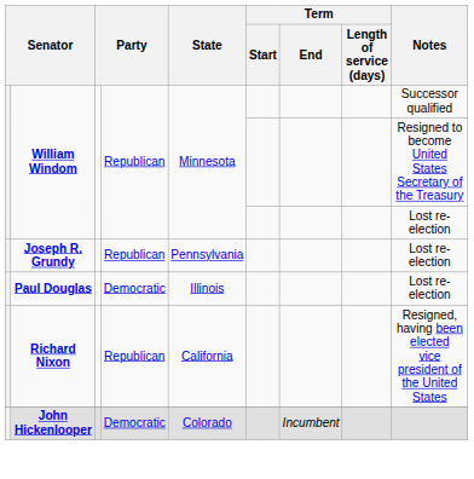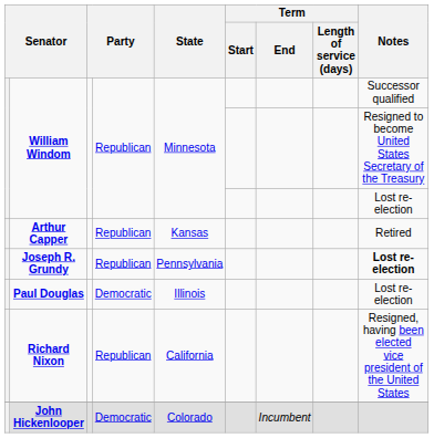 <table class="wikitable sortable" style="text-align:center">
 <tr>
 <th scope="col" rowspan=2 colspan=2>Senator</th>
 <th scope="col" rowspan=2 colspan=2>Party</th>
 <th scope="col" rowspan=2>State</th>
 <th scope="col" colspan=3>Term</th>
 <th scope="col" rowspan=2>Notes</th>
 </tr>
 <tr>
 <th scope="col">Start</th>
 <th scope="col">End</th>
 <th scope="col">Length of<br>service (days)</th>
 </tr>
 <tr>
 <th scope="row" rowspan=3 data-sort-value="Windom, William"></th>
 <td rowspan=3><strong><a href='#'>William Windom</a></strong></td>
 <td rowspan=3 style="background-color:"></td>
 <td rowspan=3><a href='#'>Republican</a></td>
 <td rowspan=3><a href='#'>Minnesota</a></td>
 <td></td>
 <td></td>
 <td></td>
 <td>Successor qualified</td>
 </tr>
 <tr>
 <td></td>
 <td></td>
 <td></td>
 <td>Resigned to become <a href='#'>United States Secretary of the Treasury</a></td>
 </tr>
 <tr>
 <td></td>
 <td></td>
 <td></td>
 <td>Lost re-election</td>
 </tr>
 <tr>
+<th scope="row" data-sort-value="Capper, Arthur"></th>
+<td><strong><a href='#'>Arthur Capper</a></strong></td>
+<td style="background-color:"></td>
+<td><a href='#'>Republican</a></td>
+<td><a href='#'>Kansas</a></td>
+<td></td>
+<td></td>
+<td></td>
+<td>Retired</td>
+</tr>
+<tr>
 <th scope="row" data-sort-value="Grundy, Joseph R."></th>
 <td><strong><a href='#'>Joseph R. Grundy</a></strong></td>
 <td style="background-color:"></td>
 <td><a href='#'>Republican</a></td>
 <td><a href='#'>Pennsylvania</a></td>
 <td></td>
 <td></td>
 <td></td>
-<td>Lost re-election</td>
+<td><strong>Lost re-election</strong></td>
 </tr>
 <tr>
 <th scope="row" data-sort-value="Douglas, Paul"></th>
 <td><strong><a href='#'>Paul Douglas</a></strong></td>
 <td style="background-color:"></td>
 <td><a href='#'>Democratic</a></td>
 <td><a href='#'>Illinois</a></td>
 <td></td>
 <td></td>
 <td></td>
 <td>Lost re-election</td>
 </tr>
 <tr>
 <th scope="row" data-sort-value="Nixon, Richard"></th>
 <td><strong><a href='#'>Richard Nixon</a></strong></td>
 <td style="background-color:"></td>
 <td><a href='#'>Republican</a></td>
 <td><a href='#'>California</a></td>
 <td></td>
 <td></td>
 <td></td>
 <td>Resigned, having <a href='#'>been elected</a><br><a href='#'>vice president of the United States</a></td>
 </tr>
 <tr>
 </tr>
 <tr style="background:#e0e0e0">
 <th scope="row" data-sort-value="Hickenlooper, John"></th>
 <td><strong><a href='#'>John Hickenlooper</a></strong></td>
 <td style="background-color:"></td>
 <td><a href='#'>Democratic</a></td>
 <td><a href='#'>Colorado</a></td>
 <td></td>
 <td><em>Incumbent</em></td>
 <td></td>
 <td></td>
 </tr>
 </table>
